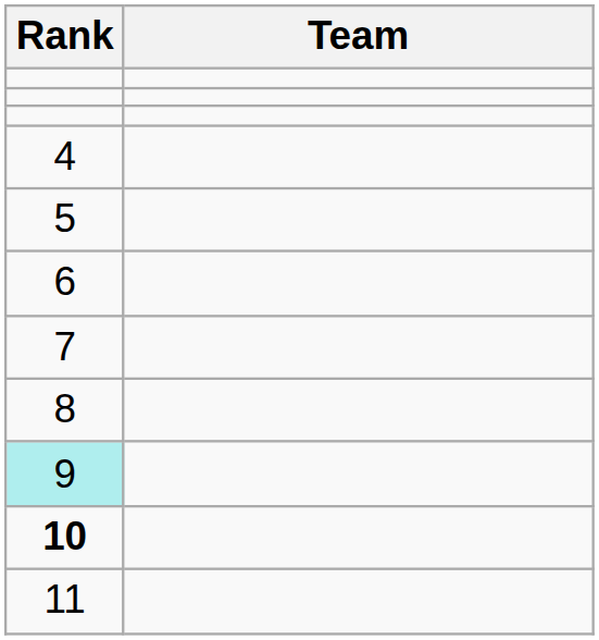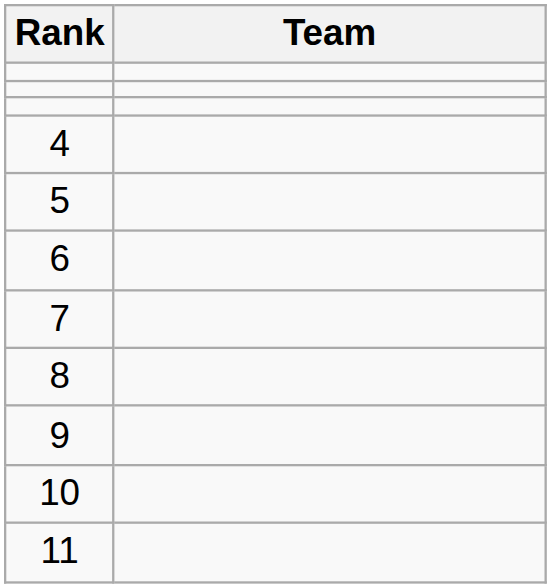 <table class="wikitable" style="text-align: center;">
 <tr>
 <th width=40>Rank</th>
 <th width=180>Team</th>
 </tr>
 <tr align=center>
 <td></td>
 <td style="text-align:left;"></td>
 </tr>
 <tr align=center>
 <td></td>
 <td style="text-align:left;"></td>
 </tr>
 <tr align=center>
 <td></td>
 <td style="text-align:left;"></td>
 </tr>
 <tr align=center>
 <td>4</td>
 <td style="text-align:left;"></td>
 </tr>
 <tr align=center>
 <td>5</td>
 <td style="text-align:left;"></td>
 </tr>
 <tr align=center>
 <td>6</td>
 <td style="text-align:left;"></td>
 </tr>
 <tr align=center>
 <td>7</td>
 <td style="text-align:left;"></td>
 </tr>
 <tr align=center>
 <td>8</td>
 <td style="text-align:left;"></td>
 </tr>
 <tr align=center>
-<td style="background: paleturquoise;">9</td>
+<td>9</td>
 <td style="text-align:left;"></td>
 </tr>
 <tr align=center>
-<td><strong>10</strong></td>
+<td>10</td>
 <td style="text-align:left;"></td>
 </tr>
 <tr align=center>
 <td>11</td>
 <td style="text-align:left;"></td>
 </tr>
 </table>
